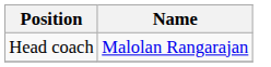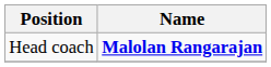 <table class="wikitable">
 <tr>
 <th>Position</th>
 <th>Name</th>
 </tr>
 <tr>
 <td>Head coach</td>
-<td><a href='#'>Malolan Rangarajan</a></td>
+<td><strong><a href='#'>Malolan Rangarajan</a></strong></td>
 </tr>
 <tr>
 </tr>
 </table>
